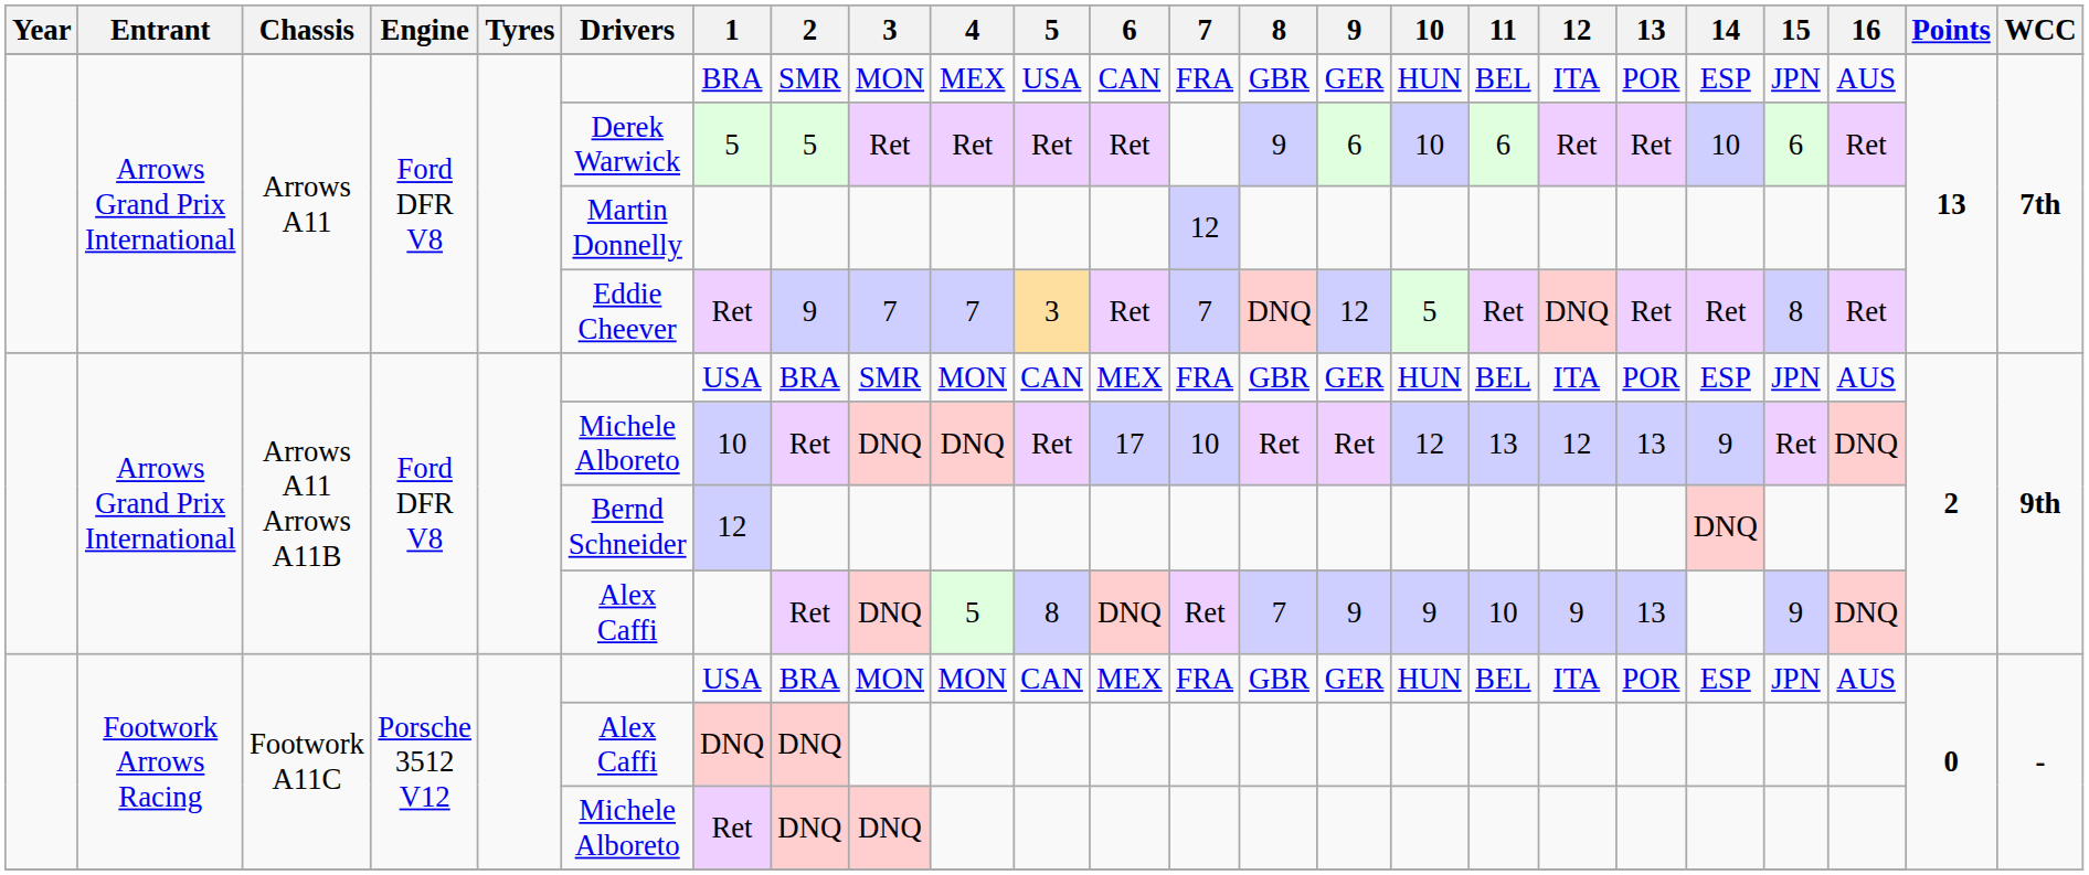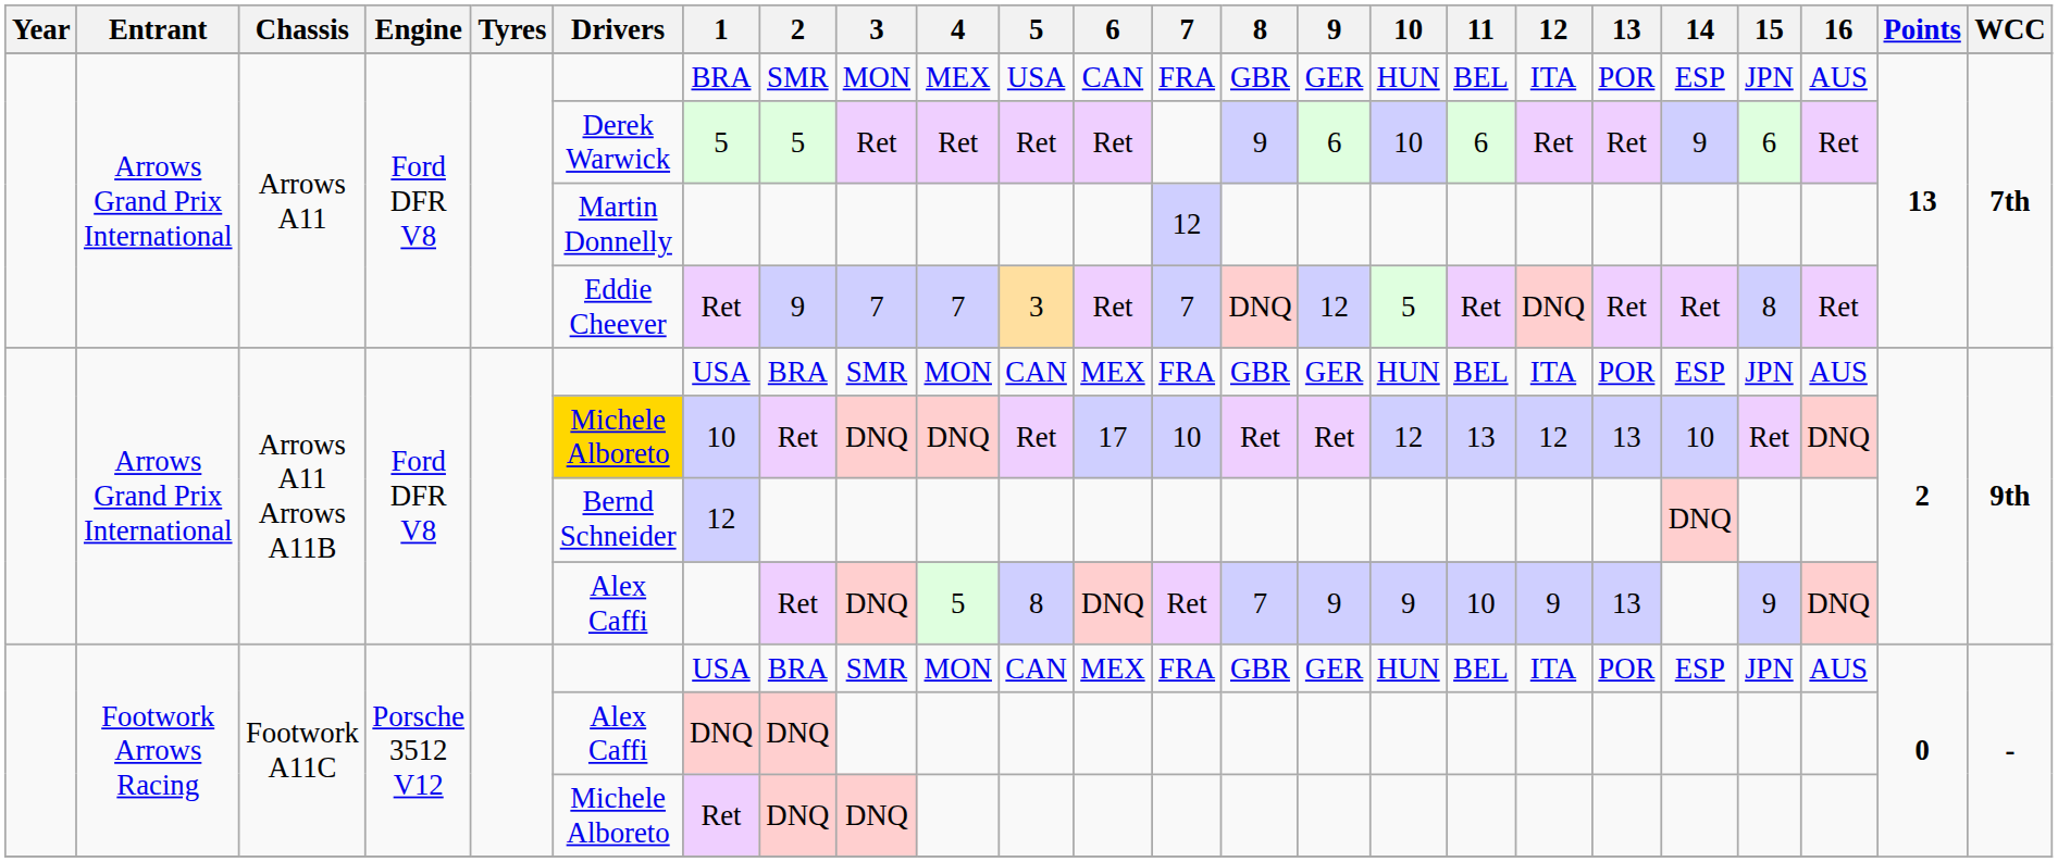 <table class="wikitable" style="text-align:center; font-size:95%">
 <tr>
 <th>Year</th>
 <th>Entrant</th>
 <th>Chassis</th>
 <th>Engine</th>
 <th>Tyres</th>
 <th>Drivers</th>
 <th>1</th>
 <th>2</th>
 <th>3</th>
 <th>4</th>
 <th>5</th>
 <th>6</th>
 <th>7</th>
 <th>8</th>
 <th>9</th>
 <th>10</th>
 <th>11</th>
 <th>12</th>
 <th>13</th>
 <th>14</th>
 <th>15</th>
 <th>16</th>
 <th><a href='#'>Points</a></th>
 <th>WCC</th>
 </tr>
 <tr>
 </tr>
 <tr>
 <td rowspan="4"></td>
 <td rowspan="4"><a href='#'>Arrows Grand Prix International</a></td>
 <td rowspan="4">Arrows A11</td>
 <td rowspan="4"><a href='#'>Ford</a> DFR <a href='#'>V8</a></td>
 <td rowspan="4"></td>
 <td></td>
 <td><a href='#'>BRA</a></td>
 <td><a href='#'>SMR</a></td>
 <td><a href='#'>MON</a></td>
 <td><a href='#'>MEX</a></td>
 <td><a href='#'>USA</a></td>
 <td><a href='#'>CAN</a></td>
 <td><a href='#'>FRA</a></td>
 <td><a href='#'>GBR</a></td>
 <td><a href='#'>GER</a></td>
 <td><a href='#'>HUN</a></td>
 <td><a href='#'>BEL</a></td>
 <td><a href='#'>ITA</a></td>
 <td><a href='#'>POR</a></td>
 <td><a href='#'>ESP</a></td>
 <td><a href='#'>JPN</a></td>
 <td><a href='#'>AUS</a></td>
 <td rowspan="4"><strong>13</strong></td>
 <td rowspan="4"><strong>7th</strong></td>
 </tr>
 <tr>
 <td><a href='#'>Derek Warwick</a></td>
 <td style="background:#DFFFDF;">5</td>
 <td style="background:#DFFFDF;">5</td>
 <td style="background:#EFCFFF;">Ret</td>
 <td style="background:#EFCFFF;">Ret</td>
 <td style="background:#EFCFFF;">Ret</td>
 <td style="background:#EFCFFF;">Ret</td>
 <td></td>
 <td style="background:#CFCFFF;">9</td>
 <td style="background:#DFFFDF;">6</td>
 <td style="background:#CFCFFF;">10</td>
 <td style="background:#DFFFDF;">6</td>
 <td style="background:#EFCFFF;">Ret</td>
 <td style="background:#EFCFFF;">Ret</td>
-<td style="background:#CFCFFF;">10</td>
+<td style="background:#CFCFFF;">9</td>
 <td style="background:#DFFFDF;">6</td>
 <td style="background:#EFCFFF;">Ret</td>
 </tr>
 <tr>
 <td><a href='#'>Martin Donnelly</a></td>
 <td></td>
 <td></td>
 <td></td>
 <td></td>
 <td></td>
 <td></td>
 <td style="background:#CFCFFF;">12</td>
 <td></td>
 <td></td>
 <td></td>
 <td></td>
 <td></td>
 <td></td>
 <td></td>
 <td></td>
 <td></td>
 </tr>
 <tr>
 <td><a href='#'>Eddie Cheever</a></td>
 <td style="background:#EFCFFF;">Ret</td>
 <td style="background:#CFCFFF;">9</td>
 <td style="background:#CFCFFF;">7</td>
 <td style="background:#CFCFFF;">7</td>
 <td style="background:#FFDF9F;">3</td>
 <td style="background:#EFCFFF;">Ret</td>
 <td style="background:#CFCFFF;">7</td>
 <td style="background:#FFCFCF;">DNQ</td>
 <td style="background:#CFCFFF;">12</td>
 <td style="background:#DFFFDF;">5</td>
 <td style="background:#EFCFFF;">Ret</td>
 <td style="background:#FFCFCF;">DNQ</td>
 <td style="background:#EFCFFF;">Ret</td>
 <td style="background:#EFCFFF;">Ret</td>
 <td style="background:#CFCFFF;">8</td>
 <td style="background:#EFCFFF;">Ret</td>
 </tr>
 <tr>
 <td rowspan="4"></td>
 <td rowspan="4"><a href='#'>Arrows Grand Prix International</a></td>
 <td rowspan="4">Arrows A11<br>Arrows A11B</td>
 <td rowspan="4"><a href='#'>Ford</a> DFR <a href='#'>V8</a></td>
 <td rowspan="4"></td>
 <td></td>
 <td><a href='#'>USA</a></td>
 <td><a href='#'>BRA</a></td>
 <td><a href='#'>SMR</a></td>
 <td><a href='#'>MON</a></td>
 <td><a href='#'>CAN</a></td>
 <td><a href='#'>MEX</a></td>
 <td><a href='#'>FRA</a></td>
 <td><a href='#'>GBR</a></td>
 <td><a href='#'>GER</a></td>
 <td><a href='#'>HUN</a></td>
 <td><a href='#'>BEL</a></td>
 <td><a href='#'>ITA</a></td>
 <td><a href='#'>POR</a></td>
 <td><a href='#'>ESP</a></td>
 <td><a href='#'>JPN</a></td>
 <td><a href='#'>AUS</a></td>
 <td rowspan="4"><strong>2</strong></td>
 <td rowspan="4"><strong>9th</strong></td>
 </tr>
 <tr>
-<td><a href='#'>Michele Alboreto</a></td>
+<td style="background: gold;"><a href='#'>Michele Alboreto</a></td>
 <td style="background:#CFCFFF;">10</td>
 <td style="background:#EFCFFF;">Ret</td>
 <td style="background:#FFCFCF;">DNQ</td>
 <td style="background:#FFCFCF;">DNQ</td>
 <td style="background:#EFCFFF;">Ret</td>
 <td style="background:#CFCFFF;">17</td>
 <td style="background:#CFCFFF;">10</td>
 <td style="background:#EFCFFF;">Ret</td>
 <td style="background:#EFCFFF;">Ret</td>
 <td style="background:#CFCFFF;">12</td>
 <td style="background:#CFCFFF;">13</td>
 <td style="background:#CFCFFF;">12</td>
 <td style="background:#CFCFFF;">13</td>
-<td style="background:#CFCFFF;">9</td>
+<td style="background:#CFCFFF;">10</td>
 <td style="background:#EFCFFF;">Ret</td>
 <td style="background:#FFCFCF;">DNQ</td>
 </tr>
 <tr>
 <td><a href='#'>Bernd Schneider</a></td>
 <td style="background:#CFCFFF;">12</td>
 <td></td>
 <td></td>
 <td></td>
 <td></td>
 <td></td>
 <td></td>
 <td></td>
 <td></td>
 <td></td>
 <td></td>
 <td></td>
 <td></td>
 <td style="background:#FFCFCF;">DNQ</td>
 <td></td>
 <td></td>
 </tr>
 <tr>
 <td><a href='#'>Alex Caffi</a></td>
 <td></td>
 <td style="background:#EFCFFF;">Ret</td>
 <td style="background:#FFCFCF;">DNQ</td>
 <td style="background:#DFFFDF;">5</td>
 <td style="background:#CFCFFF;">8</td>
 <td style="background:#FFCFCF;">DNQ</td>
 <td style="background:#EFCFFF;">Ret</td>
 <td style="background:#CFCFFF;">7</td>
 <td style="background:#CFCFFF;">9</td>
 <td style="background:#CFCFFF;">9</td>
 <td style="background:#CFCFFF;">10</td>
 <td style="background:#CFCFFF;">9</td>
 <td style="background:#CFCFFF;">13</td>
 <td></td>
 <td style="background:#CFCFFF;">9</td>
 <td style="background:#FFCFCF;">DNQ</td>
 </tr>
 <tr>
 <td rowspan="3"></td>
 <td rowspan="3"><a href='#'>Footwork Arrows Racing</a></td>
 <td rowspan="3">Footwork A11C</td>
 <td rowspan="3"><a href='#'>Porsche</a> 3512 <a href='#'>V12</a></td>
 <td rowspan="3"></td>
 <td></td>
 <td><a href='#'>USA</a></td>
 <td><a href='#'>BRA</a></td>
-<td><a href='#'>MON</a></td>
+<td><a href='#'>SMR</a></td>
 <td><a href='#'>MON</a></td>
 <td><a href='#'>CAN</a></td>
 <td><a href='#'>MEX</a></td>
 <td><a href='#'>FRA</a></td>
 <td><a href='#'>GBR</a></td>
 <td><a href='#'>GER</a></td>
 <td><a href='#'>HUN</a></td>
 <td><a href='#'>BEL</a></td>
 <td><a href='#'>ITA</a></td>
 <td><a href='#'>POR</a></td>
 <td><a href='#'>ESP</a></td>
 <td><a href='#'>JPN</a></td>
 <td><a href='#'>AUS</a></td>
 <td rowspan="4"><strong>0</strong></td>
 <td rowspan="4"><strong>-</strong></td>
 </tr>
 <tr>
 <td><a href='#'>Alex Caffi</a></td>
 <td style="background:#FFCFCF;">DNQ</td>
 <td style="background:#FFCFCF;">DNQ</td>
 <td></td>
 <td></td>
 <td></td>
 <td></td>
 <td></td>
 <td></td>
 <td></td>
 <td></td>
 <td></td>
 <td></td>
 <td></td>
 <td></td>
 <td></td>
 <td></td>
 </tr>
 <tr>
 <td><a href='#'>Michele Alboreto</a></td>
 <td style="background:#EFCFFF;">Ret</td>
 <td style="background:#FFCFCF;">DNQ</td>
 <td style="background:#FFCFCF;">DNQ</td>
 <td></td>
 <td></td>
 <td></td>
 <td></td>
 <td></td>
 <td></td>
 <td></td>
 <td></td>
 <td></td>
 <td></td>
 <td></td>
 <td></td>
 <td></td>
 </tr>
 <tr>
 </tr>
 </table>
